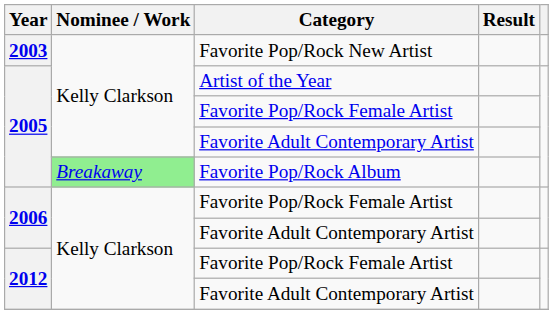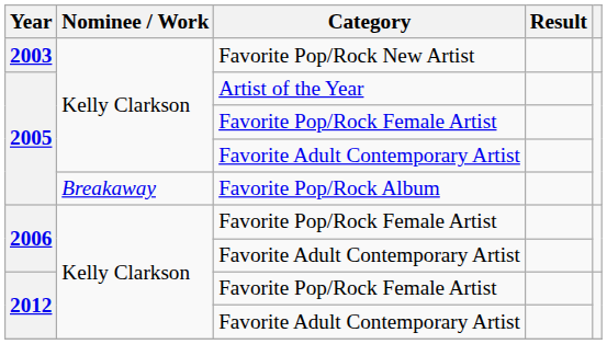 <table class="wikitable plainrowheaders">
 <tr>
 <th>Year</th>
 <th>Nominee / Work</th>
 <th>Category</th>
 <th>Result</th>
 <th></th>
 </tr>
 <tr>
 <th scope="row"><a href='#'>2003</a></th>
 <td rowspan="4">Kelly Clarkson</td>
 <td>Favorite Pop/Rock New Artist</td>
 <td></td>
 <td align="center"></td>
 </tr>
 <tr>
 <th scope="row" rowspan="4"><a href='#'>2005</a></th>
 <td><a href='#'>Artist of the Year</a></td>
 <td></td>
 <td align="center" rowspan="4"><br><br></td>
 </tr>
 <tr>
 <td><a href='#'>Favorite Pop/Rock Female Artist</a></td>
 <td></td>
 </tr>
 <tr>
 <td><a href='#'>Favorite Adult Contemporary Artist</a></td>
 <td></td>
 </tr>
 <tr>
-<td style="background: lightgreen;"><em><a href='#'>Breakaway</a></em></td>
+<td><em><a href='#'>Breakaway</a></em></td>
 <td><a href='#'>Favorite Pop/Rock Album</a></td>
 <td></td>
 </tr>
 <tr>
 <th scope="row" rowspan="2"><a href='#'>2006</a></th>
 <td rowspan="4">Kelly Clarkson</td>
 <td>Favorite Pop/Rock Female Artist</td>
 <td></td>
 <td align="center" rowspan="2"></td>
 </tr>
 <tr>
 <td>Favorite Adult Contemporary Artist</td>
 <td></td>
 </tr>
 <tr>
 <th scope="row" rowspan="2"><a href='#'>2012</a></th>
 <td>Favorite Pop/Rock Female Artist</td>
 <td></td>
 <td align="center" rowspan="2"></td>
 </tr>
 <tr>
 <td>Favorite Adult Contemporary Artist</td>
 <td></td>
 </tr>
 <tr>
 </tr>
 </table>
